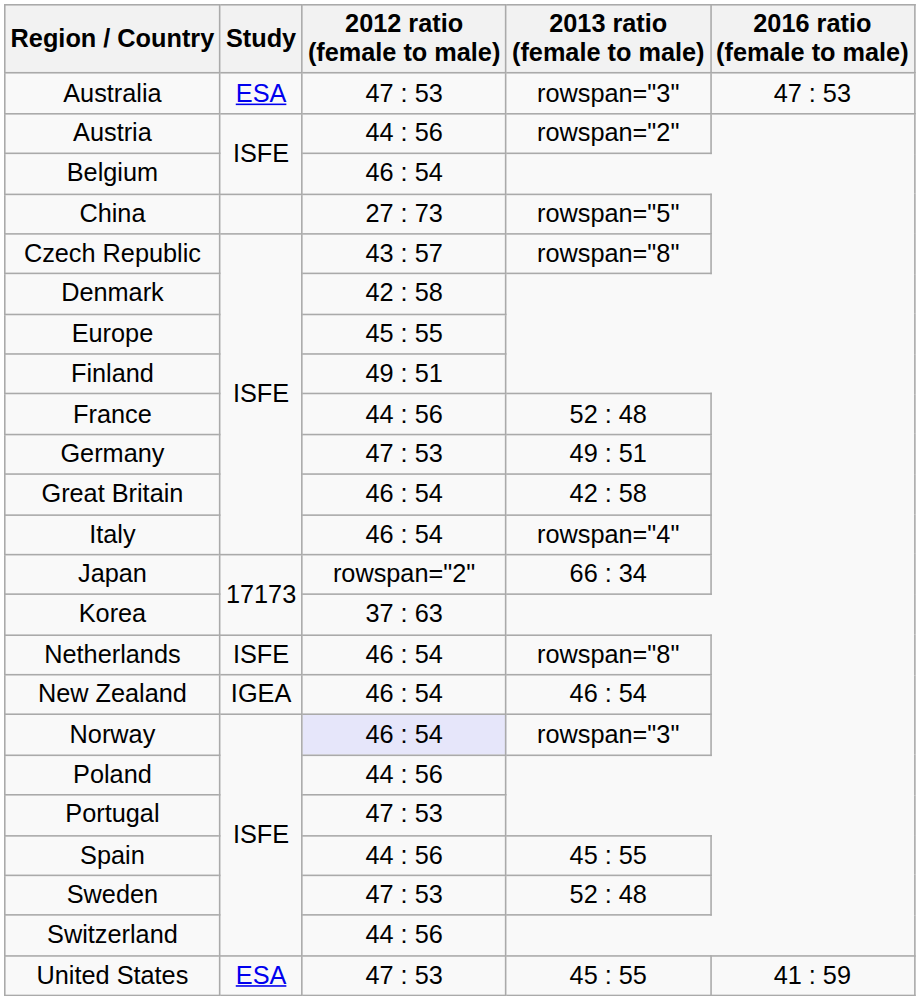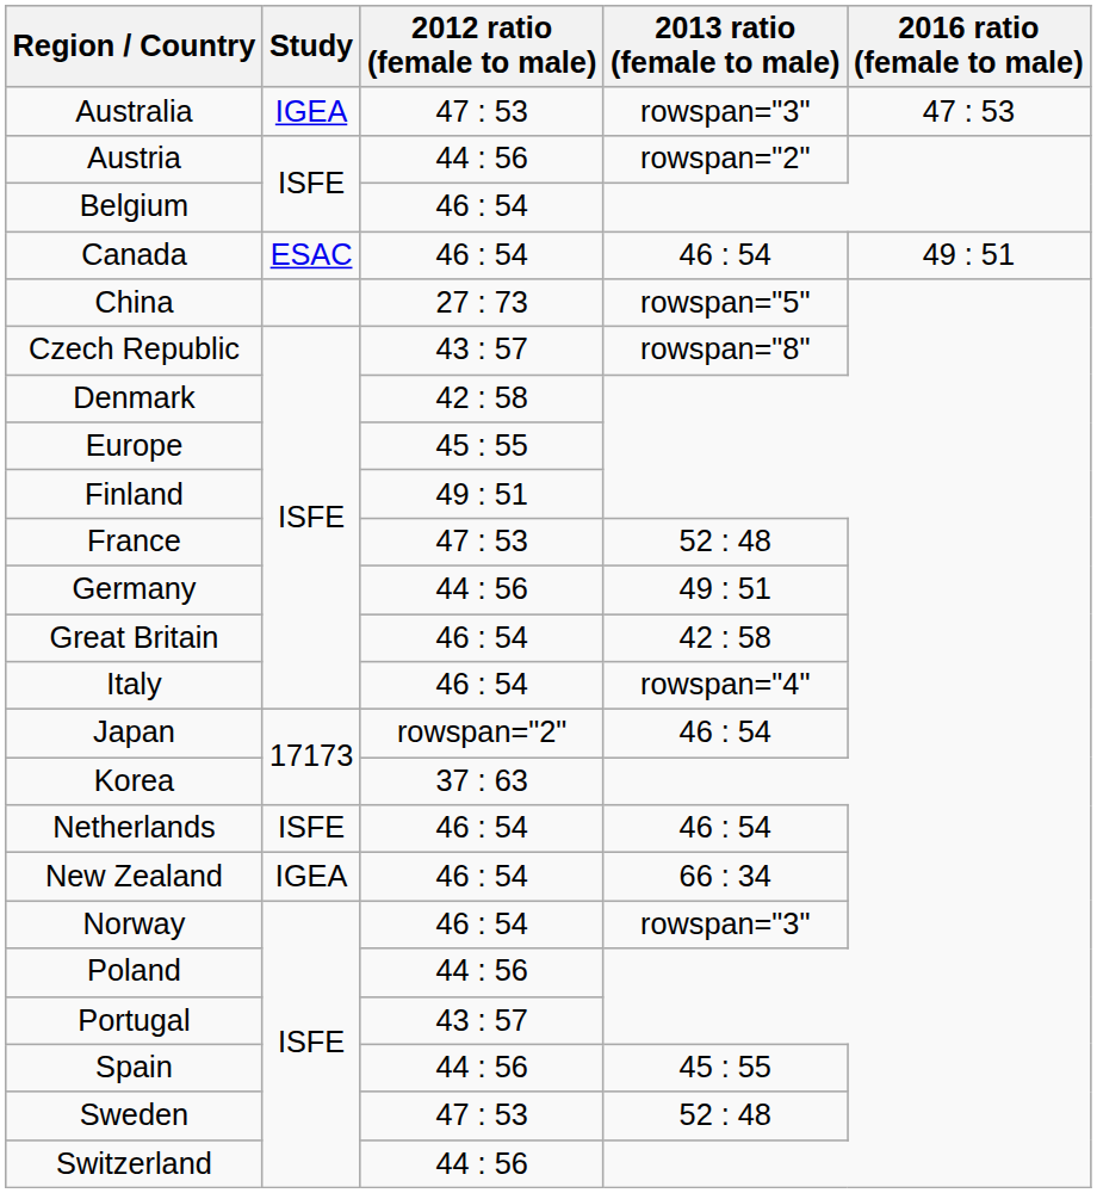 <table class="wikitable sortable" style="text-align:center;">
 <tr>
 <th>Region / Country</th>
 <th>Study</th>
 <th>2012 ratio<br>(female to male)</th>
 <th>2013 ratio<br>(female to male)</th>
 <th>2016 ratio<br>(female to male)</th>
 </tr>
 <tr>
 <td>Australia</td>
-<td><a href='#'>ESA</a></td>
+<td><a href='#'>IGEA</a></td>
 <td>47 : 53</td>
 <td>rowspan="3" </td>
 <td>47 : 53</td>
 </tr>
 <tr>
 <td>Austria</td>
 <td rowspan="2">ISFE</td>
 <td>44 : 56</td>
 <td>rowspan="2" </td>
 </tr>
 <tr>
 <td>Belgium</td>
 <td>46 : 54</td>
+</tr>
+<tr>
+<td>Canada</td>
+<td><a href='#'>ESAC</a></td>
+<td>46 : 54</td>
+<td>46 : 54</td>
+<td>49 : 51</td>
 </tr>
 <tr>
 <td>China</td>
 <td></td>
 <td>27 : 73</td>
 <td>rowspan="5" </td>
 </tr>
 <tr>
 <td>Czech Republic</td>
 <td rowspan="8">ISFE</td>
 <td>43 : 57</td>
 <td>rowspan="8" </td>
 </tr>
 <tr>
 <td>Denmark</td>
 <td>42 : 58</td>
 </tr>
 <tr>
 <td>Europe</td>
 <td>45 : 55</td>
 </tr>
 <tr>
 <td>Finland</td>
 <td>49 : 51</td>
 </tr>
 <tr>
 <td>France</td>
-<td>44 : 56</td>
+<td>47 : 53</td>
 <td>52 : 48</td>
 </tr>
 <tr>
 <td>Germany</td>
-<td>47 : 53</td>
+<td>44 : 56</td>
 <td>49 : 51</td>
 </tr>
 <tr>
 <td>Great Britain</td>
 <td>46 : 54</td>
 <td>42 : 58</td>
 </tr>
 <tr>
 <td>Italy</td>
 <td>46 : 54</td>
 <td>rowspan="4" </td>
 </tr>
 <tr>
 <td>Japan</td>
 <td rowspan="2">17173</td>
 <td>rowspan="2" </td>
-<td>66 : 34</td>
+<td>46 : 54</td>
 </tr>
 <tr>
 <td>Korea</td>
 <td>37 : 63</td>
 </tr>
 <tr>
 <td>Netherlands</td>
 <td>ISFE</td>
 <td>46 : 54</td>
-<td>rowspan="8" </td>
+<td>46 : 54</td>
 </tr>
 <tr>
 <td>New Zealand</td>
 <td>IGEA</td>
 <td>46 : 54</td>
-<td>46 : 54</td>
+<td>66 : 34</td>
 </tr>
 <tr>
 <td>Norway</td>
 <td rowspan="6">ISFE</td>
-<td style="background: lavender;">46 : 54</td>
+<td>46 : 54</td>
 <td>rowspan="3" </td>
 </tr>
 <tr>
 <td>Poland</td>
 <td>44 : 56</td>
 </tr>
 <tr>
 <td>Portugal</td>
-<td>47 : 53</td>
+<td>43 : 57</td>
 </tr>
 <tr>
 <td>Spain</td>
 <td>44 : 56</td>
 <td>45 : 55</td>
 </tr>
 <tr>
 <td>Sweden</td>
 <td>47 : 53</td>
 <td>52 : 48</td>
 </tr>
 <tr>
 <td>Switzerland</td>
 <td>44 : 56</td>
 </tr>
-<tr>
-<td>United States</td>
-<td><a href='#'>ESA</a></td>
-<td>47 : 53</td>
-<td>45 : 55</td>
-<td>41 : 59</td>
-</tr>
 </table>
